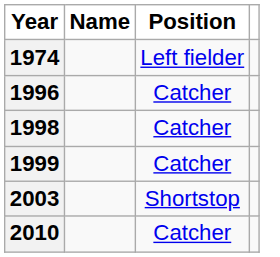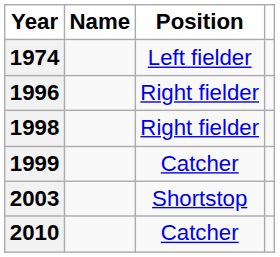 <table class="wikitable sortable plainrowheaders" style="text-align:center">
 <tr>
 <th scope="col" style="background-color:#ffffff; border-top:#">Year</th>
 <th scope="col" style="background-color:#ffffff; border-top:#">Name</th>
 <th scope="col" style="background-color:#ffffff; border-top:#">Position</th>
 <th scope="col" class="unsortable" style="background-color:#ffffff; border-top:#"></th>
 </tr>
 <tr>
 <th scope="row" style="text-align:center">1974</th>
 <td></td>
 <td><a href='#'>Left fielder</a></td>
 <td></td>
 </tr>
 <tr>
 <th scope="row" style="text-align:center">1996</th>
 <td> </td>
-<td><a href='#'>Catcher</a></td>
+<td><a href='#'>Right fielder</a></td>
 <td></td>
 </tr>
 <tr>
 <th scope="row" style="text-align:center">1998</th>
 <td> </td>
-<td><a href='#'>Catcher</a></td>
+<td><a href='#'>Right fielder</a></td>
 <td></td>
 </tr>
 <tr>
 <th scope="row" style="text-align:center">1999</th>
 <td></td>
 <td><a href='#'>Catcher</a></td>
 <td></td>
 </tr>
 <tr>
 <th scope="row" style="text-align:center">2003</th>
 <td></td>
 <td><a href='#'>Shortstop</a></td>
 <td></td>
 </tr>
 <tr>
 <th scope="row" style="text-align:center">2010</th>
 <td></td>
 <td><a href='#'>Catcher</a></td>
 <td></td>
 </tr>
 </table>
